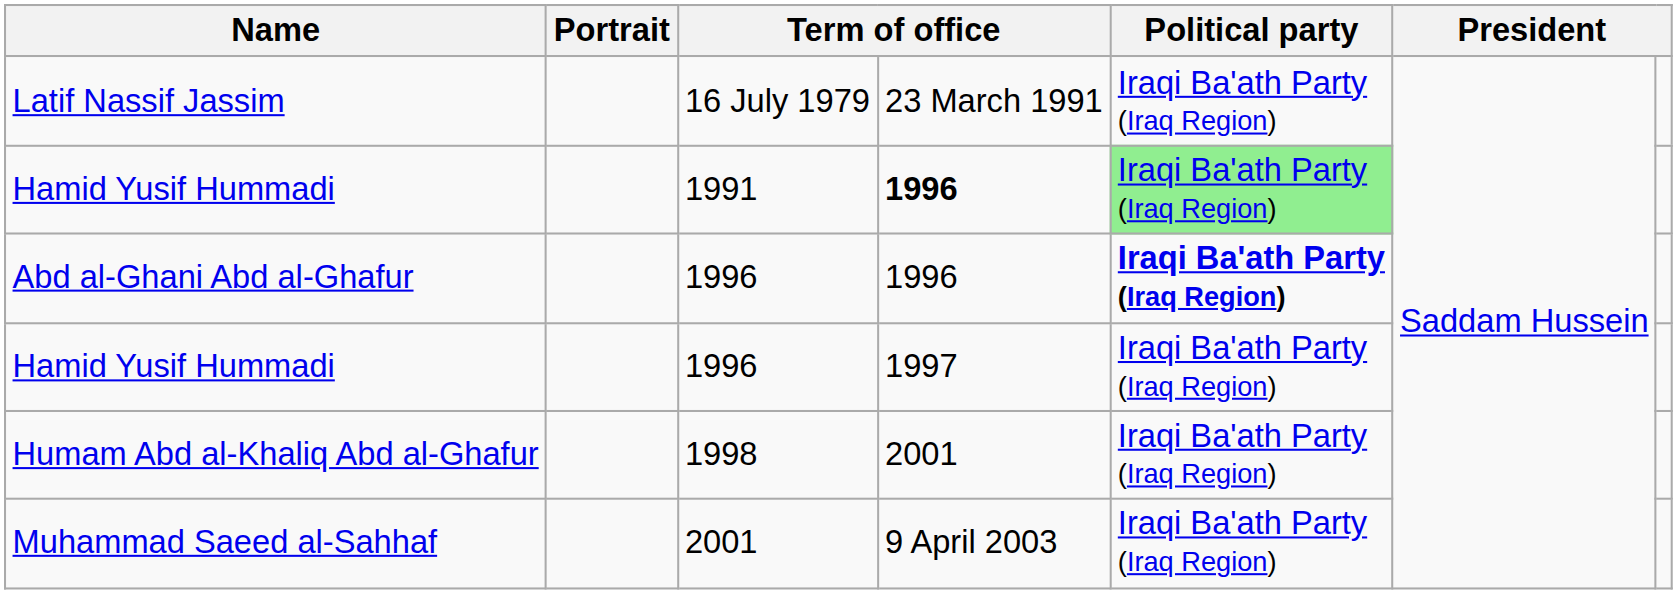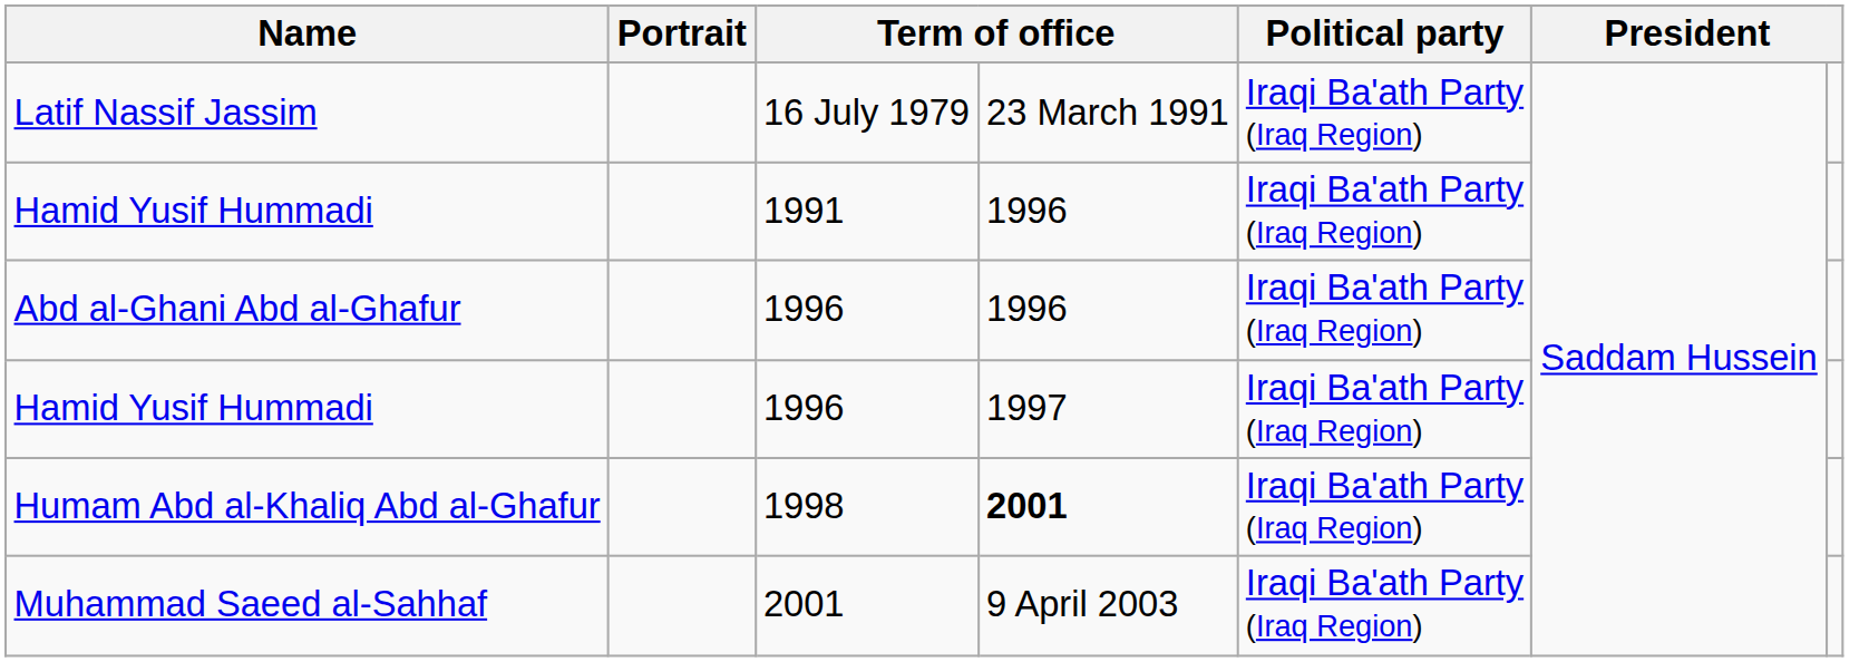 <table class="wikitable">
 <tr>
 <th>Name</th>
 <th>Portrait</th>
 <th colspan=2>Term of office</th>
 <th>Political party</th>
 <th colspan=2>President</th>
 </tr>
 <tr>
 <td><a href='#'>Latif Nassif Jassim</a></td>
 <td></td>
 <td>16 July 1979</td>
 <td>23 March 1991</td>
 <td><a href='#'>Iraqi Ba'ath Party</a><br><small>(<a href='#'>Iraq Region</a>)</small></td>
 <td rowspan="6"><a href='#'>Saddam Hussein</a></td>
 </tr>
 <tr>
 <td><a href='#'>Hamid Yusif Hummadi</a></td>
 <td></td>
 <td>1991</td>
-<td><strong>1996</strong></td>
-<td style="background: lightgreen;"><a href='#'>Iraqi Ba'ath Party</a><br><small>(<a href='#'>Iraq Region</a>)</small></td>
+<td>1996</td>
+<td><a href='#'>Iraqi Ba'ath Party</a><br><small>(<a href='#'>Iraq Region</a>)</small></td>
 <td></td>
 </tr>
 <tr>
 <td><a href='#'>Abd al-Ghani Abd al-Ghafur</a></td>
 <td></td>
 <td>1996</td>
 <td>1996</td>
-<td><strong><a href='#'>Iraqi Ba'ath Party</a><br><small>(<a href='#'>Iraq Region</a>)</small></strong></td>
+<td><a href='#'>Iraqi Ba'ath Party</a><br><small>(<a href='#'>Iraq Region</a>)</small></td>
 <td></td>
 </tr>
 <tr>
 <td><a href='#'>Hamid Yusif Hummadi</a></td>
 <td></td>
 <td>1996</td>
 <td>1997</td>
 <td><a href='#'>Iraqi Ba'ath Party</a><br><small>(<a href='#'>Iraq Region</a>)</small></td>
 <td></td>
 </tr>
 <tr>
 <td><a href='#'>Humam Abd al-Khaliq Abd al-Ghafur</a></td>
 <td></td>
 <td>1998</td>
-<td>2001</td>
+<td><strong>2001</strong></td>
 <td><a href='#'>Iraqi Ba'ath Party</a><br><small>(<a href='#'>Iraq Region</a>)</small></td>
 <td></td>
 </tr>
 <tr>
 <td><a href='#'>Muhammad Saeed al-Sahhaf</a></td>
 <td></td>
 <td>2001</td>
 <td>9 April 2003</td>
 <td><a href='#'>Iraqi Ba'ath Party</a><br><small>(<a href='#'>Iraq Region</a>)</small></td>
 <td></td>
 </tr>
 </table>
